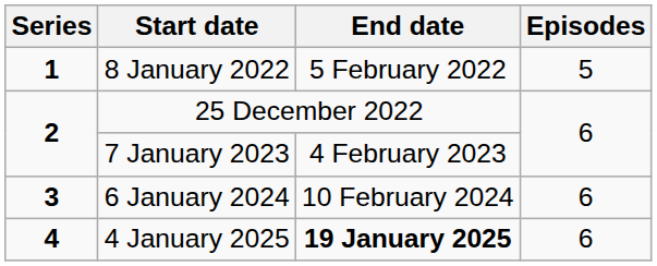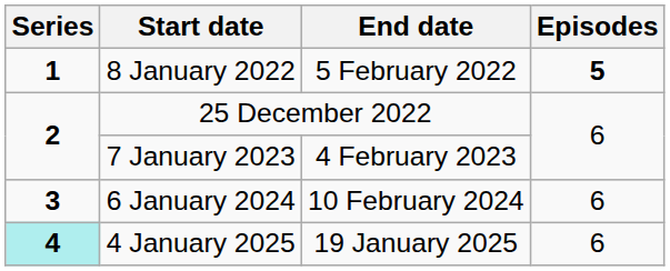 <table class="wikitable" style="text-align:center">
 <tr>
 <th>Series</th>
 <th>Start date</th>
 <th>End date</th>
 <th>Episodes</th>
 </tr>
 <tr>
 <td><strong>1</strong></td>
 <td>8 January 2022</td>
 <td>5 February 2022</td>
-<td>5</td>
+<td><strong>5</strong></td>
 </tr>
 <tr>
 <td rowspan="2"><strong>2</strong></td>
 <td colspan="2">25 December 2022</td>
 <td rowspan="2">6</td>
 </tr>
 <tr>
 <td>7 January 2023</td>
 <td>4 February 2023</td>
 </tr>
 <tr>
 <td><strong>3</strong></td>
 <td>6 January 2024</td>
 <td>10 February 2024</td>
 <td>6</td>
 </tr>
 <tr>
-<td><strong>4</strong></td>
+<td style="background: paleturquoise;"><strong>4</strong></td>
 <td>4 January 2025</td>
-<td><strong>19 January 2025</strong></td>
+<td>19 January 2025</td>
 <td>6</td>
 </tr>
 </table>
